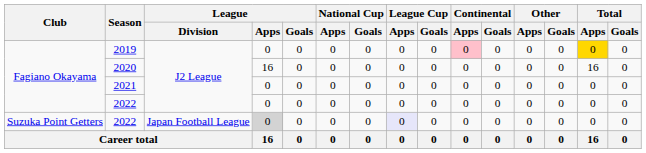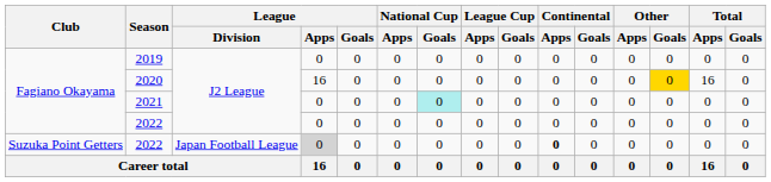 <table class="wikitable" style="text-align: center">
 <tr>
 <th rowspan="2">Club</th>
 <th rowspan="2">Season</th>
 <th colspan="3">League</th>
 <th colspan="2">National Cup</th>
 <th colspan="2">League Cup</th>
 <th colspan="2">Continental</th>
 <th colspan="2">Other</th>
 <th colspan="2">Total</th>
 </tr>
 <tr>
 <th>Division</th>
 <th>Apps</th>
 <th>Goals</th>
 <th>Apps</th>
 <th>Goals</th>
 <th>Apps</th>
 <th>Goals</th>
 <th>Apps</th>
 <th>Goals</th>
 <th>Apps</th>
 <th>Goals</th>
 <th>Apps</th>
 <th>Goals</th>
 </tr>
 <tr>
 <td rowspan="4"><a href='#'>Fagiano Okayama</a></td>
 <td><a href='#'>2019</a></td>
 <td rowspan="4"><a href='#'>J2 League</a></td>
 <td>0</td>
 <td>0</td>
 <td>0</td>
 <td>0</td>
 <td>0</td>
 <td>0</td>
-<td style="background: pink;">0</td>
 <td>0</td>
 <td>0</td>
 <td>0</td>
-<td style="background: gold;">0</td>
+<td>0</td>
+<td>0</td>
 <td>0</td>
 </tr>
 <tr>
 <td><a href='#'>2020</a></td>
 <td>16</td>
 <td>0</td>
 <td>0</td>
 <td>0</td>
 <td>0</td>
 <td>0</td>
 <td>0</td>
 <td>0</td>
 <td>0</td>
-<td>0</td>
+<td style="background: gold;">0</td>
 <td>16</td>
 <td>0</td>
 </tr>
 <tr>
 <td><a href='#'>2021</a></td>
 <td>0</td>
 <td>0</td>
 <td>0</td>
-<td>0</td>
+<td style="background: paleturquoise;">0</td>
 <td>0</td>
 <td>0</td>
 <td>0</td>
 <td>0</td>
 <td>0</td>
 <td>0</td>
 <td>0</td>
 <td>0</td>
 </tr>
 <tr>
 <td><a href='#'>2022</a></td>
 <td>0</td>
 <td>0</td>
 <td>0</td>
 <td>0</td>
 <td>0</td>
 <td>0</td>
 <td>0</td>
 <td>0</td>
 <td>0</td>
 <td>0</td>
 <td>0</td>
 <td>0</td>
 </tr>
 <tr>
 <td><a href='#'>Suzuka Point Getters</a></td>
 <td><a href='#'>2022</a></td>
 <td><a href='#'>Japan Football League</a></td>
 <td style="background: lightgrey;">0</td>
 <td>0</td>
 <td>0</td>
 <td>0</td>
-<td style="background: lavender;">0</td>
 <td>0</td>
 <td>0</td>
+<td><strong>0</strong></td>
 <td>0</td>
 <td>0</td>
 <td>0</td>
 <td>0</td>
 <td>0</td>
 </tr>
 <tr>
 <th colspan=3>Career total</th>
 <th>16</th>
 <th>0</th>
 <th>0</th>
 <th>0</th>
 <th>0</th>
 <th>0</th>
 <th>0</th>
 <th>0</th>
 <th>0</th>
 <th>0</th>
 <th>16</th>
 <th>0</th>
 </tr>
 </table>
